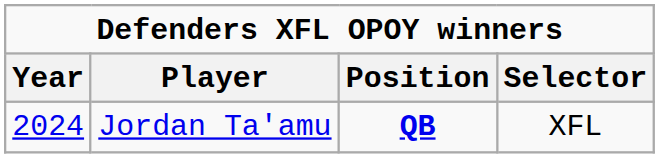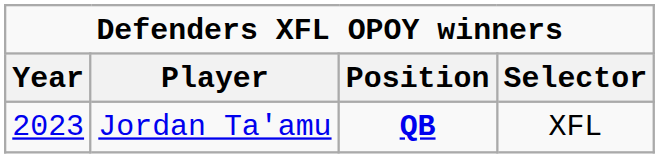 <table class="wikitable" style="text-align:center">
 <tr>
 <td align="center" colspan="4"><strong>Defenders XFL OPOY winners</strong></td>
 </tr>
 <tr>
 <th>Year</th>
 <th>Player</th>
 <th>Position</th>
 <th>Selector</th>
 </tr>
 <tr>
-<td><a href='#'>2024</a></td>
+<td><a href='#'>2023</a></td>
 <td><a href='#'>Jordan Ta'amu</a></td>
 <td><strong><a href='#'>QB</a></strong></td>
 <td>XFL</td>
 </tr>
 </table>
